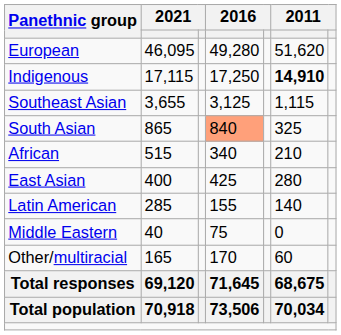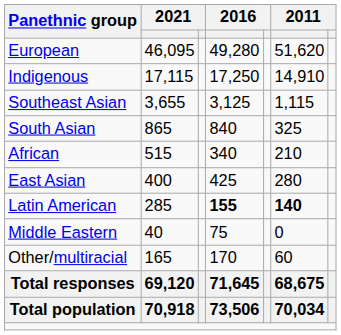 <table class="wikitable collapsible sortable">
 <tr>
 <th rowspan="2"><a href='#'>Panethnic</a> group</th>
 <th colspan="2">2021</th>
 <th colspan="2">2016</th>
 <th colspan="2">2011</th>
 </tr>
 <tr>
 <th><a href='#'></a></th>
 <th></th>
 <th></th>
 <th></th>
 <th></th>
 <th></th>
 </tr>
 <tr>
 <td><a href='#'>European</a></td>
 <td>46,095</td>
 <td></td>
 <td>49,280</td>
 <td></td>
 <td>51,620</td>
 <td></td>
 </tr>
 <tr>
 <td><a href='#'>Indigenous</a></td>
 <td>17,115</td>
 <td></td>
 <td>17,250</td>
 <td></td>
-<td><strong>14,910</strong></td>
+<td>14,910</td>
 <td></td>
 </tr>
 <tr>
 <td><a href='#'>Southeast Asian</a></td>
 <td>3,655</td>
 <td></td>
 <td>3,125</td>
 <td></td>
 <td>1,115</td>
 <td></td>
 </tr>
 <tr>
 <td><a href='#'>South Asian</a></td>
 <td>865</td>
 <td></td>
-<td style="background: lightsalmon;">840</td>
+<td>840</td>
 <td></td>
 <td>325</td>
 <td></td>
 </tr>
 <tr>
 <td><a href='#'>African</a></td>
 <td>515</td>
 <td></td>
 <td>340</td>
 <td></td>
 <td>210</td>
 <td></td>
 </tr>
 <tr>
 <td><a href='#'>East Asian</a></td>
 <td>400</td>
 <td></td>
 <td>425</td>
 <td></td>
 <td>280</td>
 <td></td>
 </tr>
 <tr>
 <td><a href='#'>Latin American</a></td>
 <td>285</td>
 <td></td>
-<td>155</td>
+<td><strong>155</strong></td>
 <td></td>
-<td>140</td>
+<td><strong>140</strong></td>
 <td></td>
 </tr>
 <tr>
 <td><a href='#'>Middle Eastern</a></td>
 <td>40</td>
 <td></td>
 <td>75</td>
 <td></td>
 <td>0</td>
 <td></td>
 </tr>
 <tr>
 <td>Other/<a href='#'>multiracial</a></td>
 <td>165</td>
 <td></td>
 <td>170</td>
 <td></td>
 <td>60</td>
 <td></td>
 </tr>
 <tr>
 <th>Total responses</th>
 <th>69,120</th>
 <th></th>
 <th>71,645</th>
 <th></th>
 <th>68,675</th>
 <th></th>
 </tr>
 <tr class="sortbottom">
 <th>Total population</th>
 <th>70,918</th>
 <th></th>
 <th>73,506</th>
 <th></th>
 <th>70,034</th>
 <th></th>
 </tr>
 <tr class="sortbottom">
 <td colspan="15"></td>
 </tr>
 </table>
